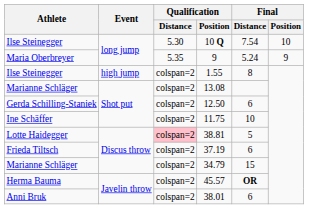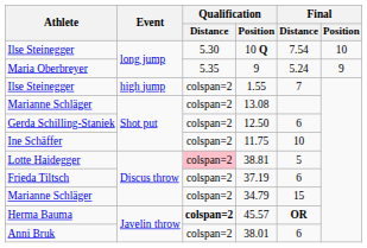 <table class=wikitable style="font-size:90%">
 <tr>
 <th rowspan=2>Athlete</th>
 <th rowspan=2>Event</th>
 <th colspan=2>Qualification</th>
 <th colspan=2>Final</th>
 </tr>
 <tr style="font-size:95%">
 <th>Distance</th>
 <th>Position</th>
 <th>Distance</th>
 <th>Position</th>
 </tr>
 <tr align=center>
 <td align=left><a href='#'>Ilse Steinegger</a></td>
 <td align=left rowspan=2><a href='#'>long jump</a></td>
 <td>5.30</td>
 <td>10 <strong>Q</strong></td>
 <td>7.54</td>
 <td>10</td>
 </tr>
 <tr align=center>
 <td align=left><a href='#'>Maria Oberbreyer</a></td>
 <td>5.35</td>
 <td>9</td>
 <td>5.24</td>
 <td>9</td>
 </tr>
 <tr align=center>
 <td align=left><a href='#'>Ilse Steinegger</a></td>
 <td align=left><a href='#'>high jump</a></td>
 <td>colspan=2 </td>
 <td>1.55</td>
-<td>8</td>
+<td>7</td>
 </tr>
 <tr align=center>
 <td align=left><a href='#'>Marianne Schläger</a></td>
 <td align=left rowspan=3><a href='#'>Shot put</a></td>
 <td>colspan=2 </td>
 <td>13.08</td>
 <td></td>
 </tr>
 <tr align=center>
 <td align=left><a href='#'>Gerda Schilling-Staniek</a></td>
 <td>colspan=2 </td>
 <td>12.50</td>
 <td>6</td>
 </tr>
 <tr align=center>
 <td align=left><a href='#'>Ine Schäffer</a></td>
 <td>colspan=2 </td>
 <td>11.75</td>
 <td>10</td>
 </tr>
 <tr align=center>
 <td align=left><a href='#'>Lotte Haidegger</a></td>
 <td align=left rowspan=3><a href='#'>Discus throw</a></td>
 <td style="background: pink;">colspan=2 </td>
 <td>38.81</td>
 <td>5</td>
 </tr>
 <tr align=center>
 <td align=left><a href='#'>Frieda Tiltsch</a></td>
 <td>colspan=2 </td>
 <td>37.19</td>
 <td>6</td>
 </tr>
 <tr align=center>
 <td align=left><a href='#'>Marianne Schläger</a></td>
 <td>colspan=2 </td>
 <td>34.79</td>
 <td>15</td>
 </tr>
 <tr align=center>
 <td align=left><a href='#'>Herma Bauma</a></td>
 <td align=left rowspan=2><a href='#'>Javelin throw</a></td>
-<td>colspan=2 </td>
+<td><strong>colspan=2 </strong></td>
 <td>45.57</td>
 <td> <strong>OR</strong></td>
 </tr>
 <tr align=center>
 <td align=left><a href='#'>Anni Bruk</a></td>
 <td>colspan=2 </td>
 <td>38.01</td>
 <td>6</td>
 </tr>
 </table>
